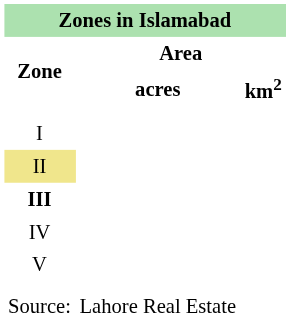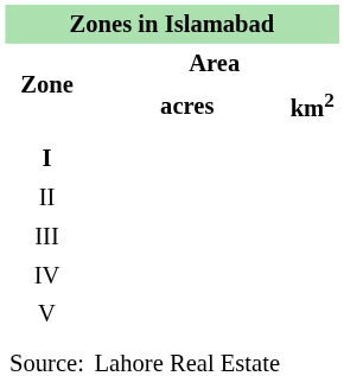 <table class="toccolours" cellpadding="3" cellspacing="0" style="float:right; margin:0 0 1em 1em; font-size:90%;">
 <tr>
 <th colspan="3"  style="background:#ace1af; text-align:center;">Zones in Islamabad</th>
 </tr>
 <tr>
 <th rowspan="2" style="text-align:center;">Zone</th>
 <th colspan="2" style="text-align:center;">Area</th>
 </tr>
 <tr>
 <th style="text-align:center;">acres</th>
 <th style="text-align:center;">km<sup>2</sup></th>
 </tr>
 <tr>
 <td colspan=3></td>
 </tr>
 <tr>
-<td style="text-align:center;">I</td>
+<td style="text-align:center;"><strong>I</strong></td>
 <td></td>
 </tr>
 <tr>
-<td style="background: khaki; text-align:center;">II</td>
+<td style="text-align:center;">II</td>
 <td></td>
 </tr>
 <tr>
-<td style="text-align:center;"><strong>III</strong></td>
+<td style="text-align:center;">III</td>
 <td></td>
 </tr>
 <tr>
 <td style="text-align:center;">IV</td>
 <td></td>
 </tr>
 <tr>
 <td style="text-align:center;">V</td>
 <td></td>
 </tr>
 <tr>
 <td colspan=3></td>
 </tr>
 <tr>
 <td style="text-align:center;">Source:</td>
 <td>Lahore Real Estate</td>
 </tr>
 </table>
